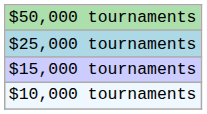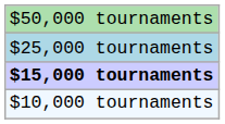 <table class="wikitable" style="font-size:85%;" width=15%>
 <tr style="background:#addfad;">
 <td>$50,000 tournaments</td>
 </tr>
 <tr style="background:lightblue;">
 <td>$25,000 tournaments</td>
 </tr>
 <tr style="background:#ccccff;">
-<td>$15,000 tournaments</td>
+<td><strong>$15,000 tournaments</strong></td>
 </tr>
 <tr style="background:#f0f8ff;">
 <td>$10,000 tournaments</td>
 </tr>
 </table>
